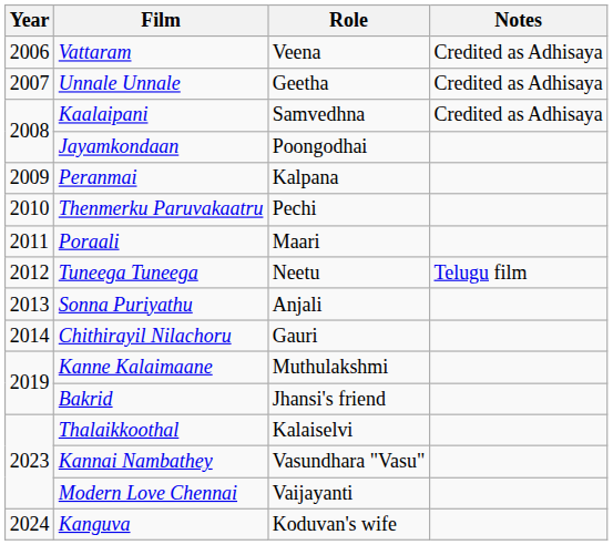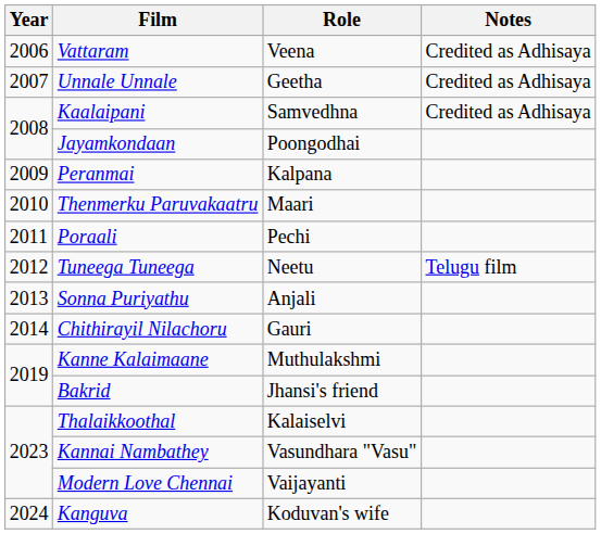 <table class="wikitable sortable">
 <tr>
 <th scope="col">Year</th>
 <th scope="col">Film</th>
 <th scope="col">Role</th>
 <th class="unsortable" scope="col">Notes</th>
 </tr>
 <tr>
 <td>2006</td>
 <td><em><a href='#'>Vattaram</a></em></td>
 <td>Veena</td>
 <td>Credited as Adhisaya</td>
 </tr>
 <tr>
 <td>2007</td>
 <td><em><a href='#'>Unnale Unnale</a></em></td>
 <td>Geetha</td>
 <td>Credited as Adhisaya</td>
 </tr>
 <tr>
 <td rowspan="2">2008</td>
 <td><em><a href='#'>Kaalaipani</a></em></td>
 <td>Samvedhna</td>
 <td>Credited as Adhisaya</td>
 </tr>
 <tr>
 <td><em><a href='#'>Jayamkondaan</a></em></td>
 <td>Poongodhai</td>
 <td></td>
 </tr>
 <tr>
 <td>2009</td>
 <td><em><a href='#'>Peranmai</a></em></td>
 <td>Kalpana</td>
 <td></td>
 </tr>
 <tr>
 <td>2010</td>
 <td><em><a href='#'>Thenmerku Paruvakaatru</a></em></td>
-<td>Pechi</td>
+<td>Maari</td>
 <td></td>
 </tr>
 <tr>
 <td>2011</td>
 <td><em><a href='#'>Poraali</a></em></td>
-<td>Maari</td>
+<td>Pechi</td>
 <td></td>
 </tr>
 <tr>
 <td>2012</td>
 <td><em><a href='#'>Tuneega Tuneega</a></em></td>
 <td>Neetu</td>
 <td><a href='#'>Telugu</a> film</td>
 </tr>
 <tr>
 <td>2013</td>
 <td><em><a href='#'>Sonna Puriyathu</a></em></td>
 <td>Anjali</td>
 <td></td>
 </tr>
 <tr>
 <td>2014</td>
 <td><em><a href='#'>Chithirayil Nilachoru</a></em></td>
 <td>Gauri</td>
 <td></td>
 </tr>
 <tr>
 <td rowspan="2">2019</td>
 <td><em><a href='#'>Kanne Kalaimaane</a></em></td>
 <td>Muthulakshmi</td>
 <td></td>
 </tr>
 <tr>
 <td><em><a href='#'>Bakrid</a></em></td>
 <td>Jhansi's friend</td>
 <td></td>
 </tr>
 <tr>
 <td rowspan="3">2023</td>
 <td><em><a href='#'>Thalaikkoothal</a></em></td>
 <td>Kalaiselvi</td>
 <td></td>
 </tr>
 <tr>
 <td><em><a href='#'>Kannai Nambathey</a></em></td>
 <td>Vasundhara "Vasu"</td>
 <td></td>
 </tr>
 <tr>
 <td><em><a href='#'>Modern Love Chennai</a></em></td>
 <td>Vaijayanti</td>
 <td></td>
 </tr>
 <tr>
 <td>2024</td>
 <td><em><a href='#'>Kanguva</a></em></td>
 <td>Koduvan's wife</td>
 <td><br>   </td>
 </tr>
 </table>
